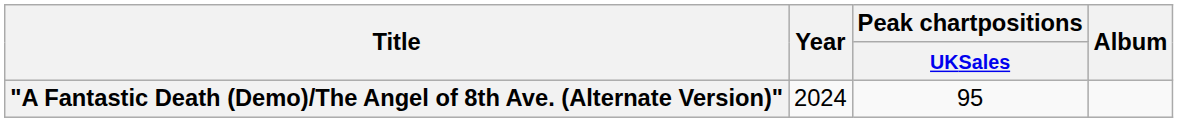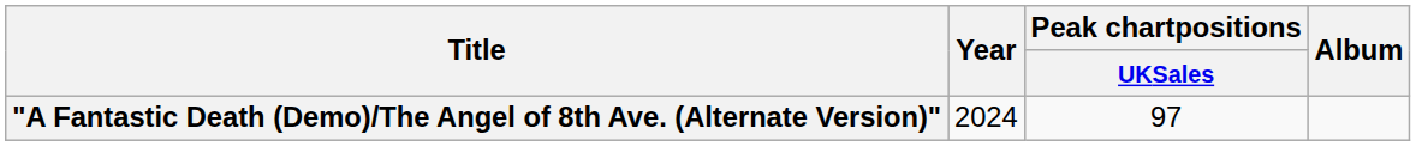 <table class="wikitable plainrowheaders" style="text-align:center;">
 <tr>
 <th rowspan="2">Title</th>
 <th rowspan="2">Year</th>
 <th>Peak chartpositions</th>
 <th rowspan="2">Album</th>
 </tr>
 <tr>
 <th><small><a href='#'>UK</a><a href='#'>Sales</a></small><br></th>
 </tr>
 <tr>
 <th scope="row">"A Fantastic Death (Demo)/The Angel of 8th Ave. (Alternate Version)"</th>
 <td>2024</td>
-<td>95</td>
+<td>97</td>
 <td></td>
 </tr>
 </table>
